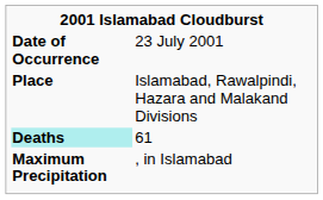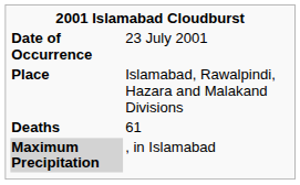 <table class="infobox" style="width:20em;">
 <tr style="text-align:center;">
 <th style="background: ;" colspan="3">2001 Islamabad Cloudburst</th>
 </tr>
 <tr style="vertical-align:top;">
 <td><strong>Date of Occurrence</strong></td>
 <td colspan="2">23 July 2001</td>
 </tr>
 <tr style="vertical-align:top;">
 <td><strong>Place</strong></td>
 <td colspan="2">Islamabad, Rawalpindi, Hazara and Malakand Divisions</td>
 </tr>
 <tr style="vertical-align:top;">
-<td style="background: paleturquoise;"><strong>Deaths</strong></td>
+<td><strong>Deaths</strong></td>
 <td colspan="2">61</td>
 </tr>
 <tr style="vertical-align:top;">
-<td><strong>Maximum Precipitation</strong></td>
+<td style="background: lightgrey;"><strong>Maximum Precipitation</strong></td>
 <td colspan="2">, in Islamabad</td>
 </tr>
 <tr style="vertical-align:top;">
 </tr>
 </table>
